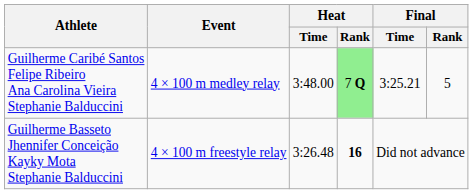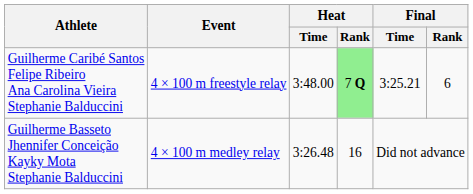 <table class=wikitable style="font-size:90%">
 <tr>
 <th rowspan="2">Athlete</th>
 <th rowspan="2">Event</th>
 <th colspan="2">Heat</th>
 <th colspan="2">Final</th>
 </tr>
 <tr style="font-size:95%">
 <th>Time</th>
 <th>Rank</th>
 <th>Time</th>
 <th>Rank</th>
 </tr>
 <tr align=center>
 <td align=left><a href='#'>Guilherme Caribé Santos</a><br><a href='#'>Felipe Ribeiro</a><br><a href='#'>Ana Carolina Vieira</a><br><a href='#'>Stephanie Balduccini</a></td>
-<td align=left><a href='#'>4 × 100 m medley relay</a></td>
+<td align=left><a href='#'>4 × 100 m freestyle relay</a></td>
 <td>3:48.00</td>
 <td style="background: lightgreen;">7 <strong>Q</strong></td>
 <td>3:25.21</td>
-<td>5</td>
+<td>6</td>
 </tr>
 <tr align=center>
 <td align=left><a href='#'>Guilherme Basseto</a>  <br><a href='#'>Jhennifer Conceição</a> <br><a href='#'>Kayky Mota</a>  <br><a href='#'>Stephanie Balduccini</a></td>
-<td align=left><a href='#'>4 × 100 m freestyle relay</a></td>
+<td align=left><a href='#'>4 × 100 m medley relay</a></td>
 <td>3:26.48</td>
-<td><strong>16</strong></td>
+<td>16</td>
 <td colspan="2">Did not advance</td>
 </tr>
 </table>
